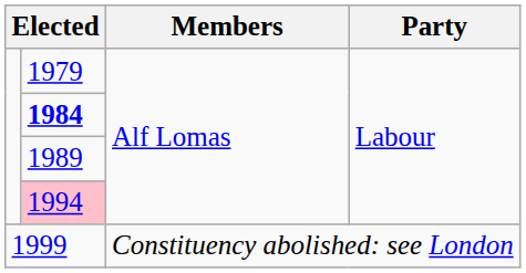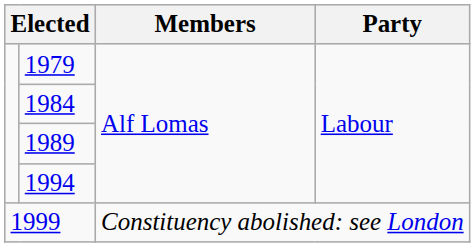 <table class="wikitable">
 <tr>
 <th colspan = "2">Elected</th>
 <th>Members</th>
 <th>Party</th>
 </tr>
 <tr>
 <td rowspan="4" style="background-color: "></td>
 <td><a href='#'>1979</a></td>
 <td rowspan = "4"><a href='#'>Alf Lomas</a></td>
 <td rowspan = "4"><a href='#'>Labour</a></td>
 </tr>
 <tr>
-<td><strong><a href='#'>1984</a></strong></td>
+<td><a href='#'>1984</a></td>
 </tr>
 <tr>
 <td><a href='#'>1989</a></td>
 </tr>
 <tr>
-<td style="background: pink;"><a href='#'>1994</a></td>
+<td><a href='#'>1994</a></td>
 </tr>
 <tr>
 <td colspan="2"><a href='#'>1999</a></td>
 <td colspan="2"><em>Constituency abolished: see <a href='#'>London</a></em></td>
 </tr>
 </table>
